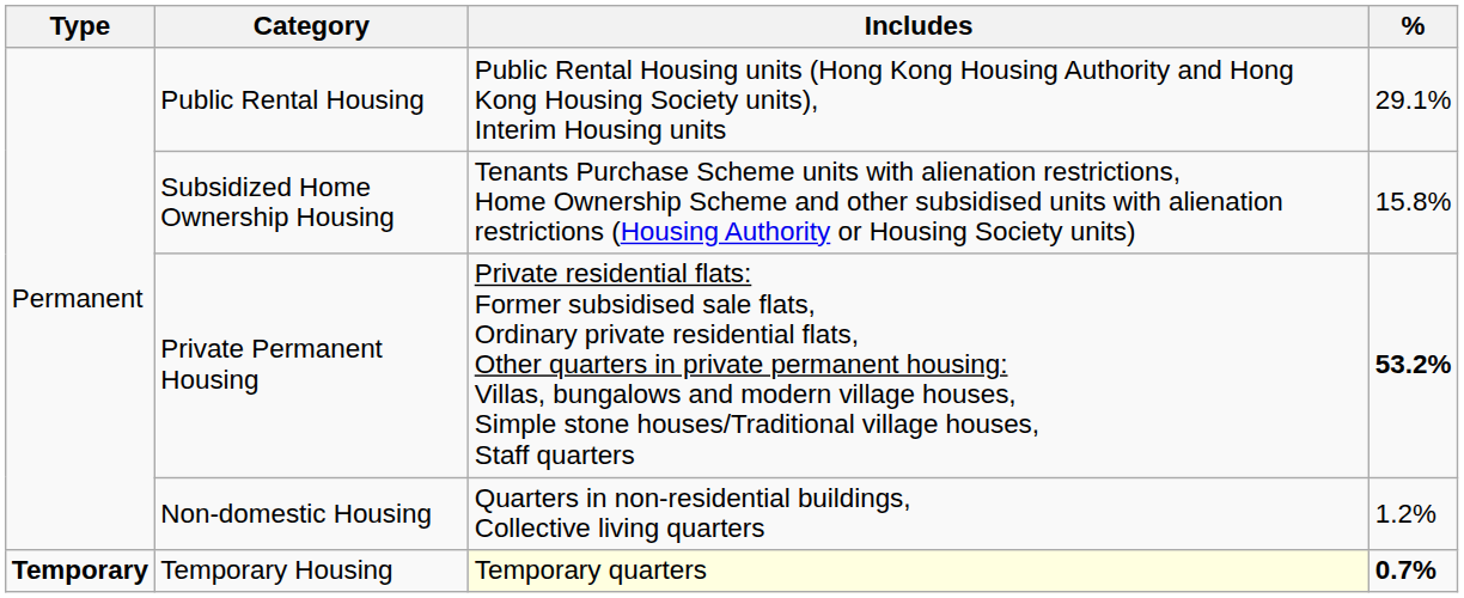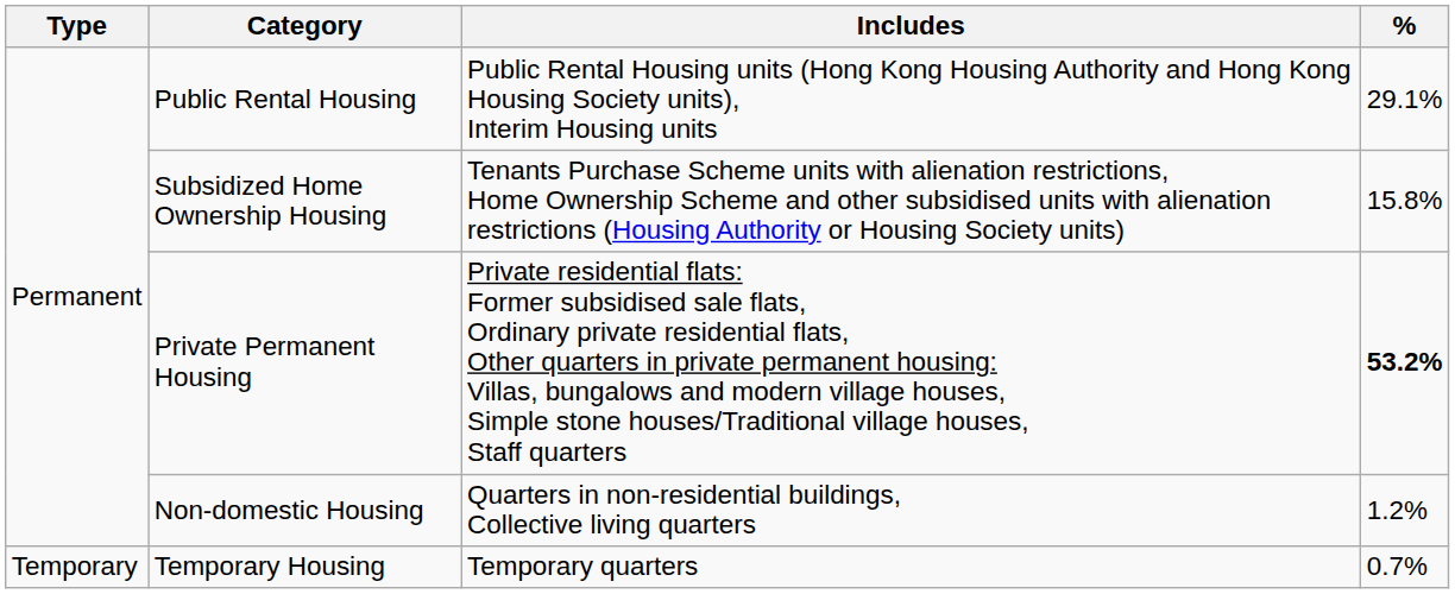 <table class="wikitable">
 <tr>
 <th>Type</th>
 <th>Category</th>
 <th>Includes</th>
 <th>%</th>
 </tr>
 <tr>
 <td rowspan="4">Permanent</td>
 <td>Public Rental Housing</td>
 <td>Public Rental Housing units (Hong Kong Housing Authority and Hong Kong Housing Society units),<br>Interim Housing units</td>
 <td>29.1%</td>
 </tr>
 <tr>
 <td>Subsidized Home Ownership Housing</td>
 <td>Tenants Purchase Scheme units with alienation restrictions,<br>Home Ownership Scheme and other subsidised units with alienation restrictions (<a href='#'>Housing Authority</a> or Housing Society units)</td>
 <td>15.8%</td>
 </tr>
 <tr>
 <td>Private Permanent Housing</td>
 <td><u>Private residential flats:</u><br>Former subsidised sale flats,<br>Ordinary private residential flats,<br><u>Other quarters in private permanent housing:</u><br>Villas, bungalows and modern village houses,<br>Simple stone houses/Traditional village houses,<br>Staff quarters</td>
 <td><strong>53.2%</strong></td>
 </tr>
 <tr>
 <td>Non-domestic Housing</td>
 <td>Quarters in non-residential buildings,<br>Collective living quarters</td>
 <td>1.2%</td>
 </tr>
 <tr>
-<td><strong>Temporary</strong></td>
+<td>Temporary</td>
 <td>Temporary Housing</td>
-<td style="background: lightyellow;">Temporary quarters</td>
-<td><strong>0.7%</strong></td>
+<td>Temporary quarters</td>
+<td>0.7%</td>
 </tr>
 </table>
